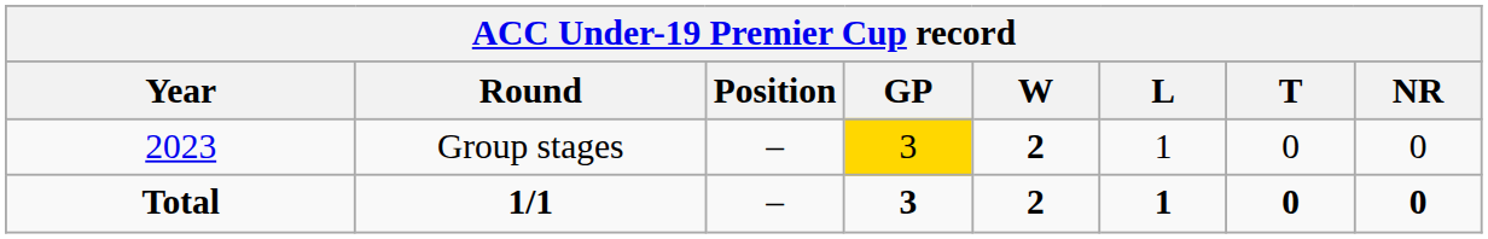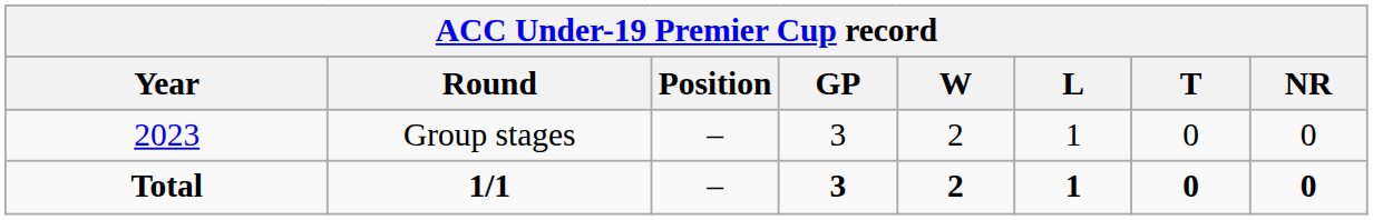 <table class="wikitable" style="text-align: center; width=900px;">
 <tr>
 <th colspan=9><a href='#'>ACC Under-19 Premier Cup</a> record</th>
 </tr>
 <tr>
 <th width=150>Year</th>
 <th width=150>Round</th>
 <th width=50>Position</th>
 <th width=50>GP</th>
 <th width=50>W</th>
 <th width=50>L</th>
 <th width=50>T</th>
 <th width=50>NR</th>
 </tr>
 <tr>
 <td> <a href='#'>2023</a></td>
 <td>Group stages</td>
 <td>–</td>
-<td style="background: gold;">3</td>
-<td><strong>2</strong></td>
+<td>3</td>
+<td>2</td>
 <td>1</td>
 <td>0</td>
 <td>0</td>
 </tr>
 <tr>
 <td><strong>Total</strong></td>
 <td><strong>1/1</strong></td>
 <td>–</td>
 <td><strong>3</strong></td>
 <td><strong>2</strong></td>
 <td><strong>1</strong></td>
 <td><strong>0</strong></td>
 <td><strong>0</strong></td>
 </tr>
 </table>
